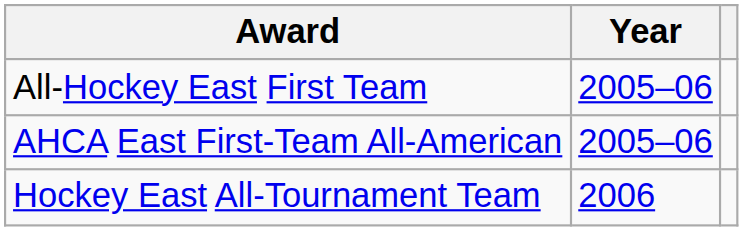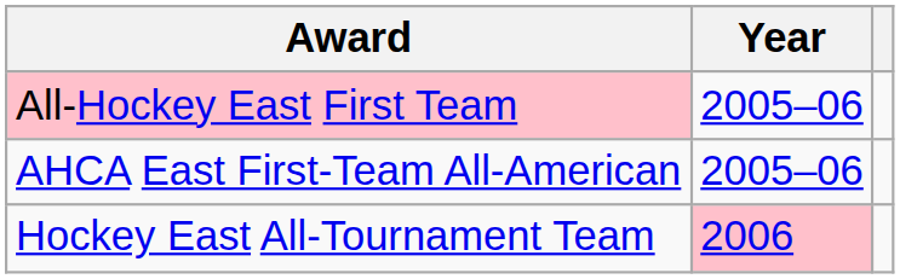 <table class="wikitable">
 <tr>
 <th>Award</th>
 <th>Year</th>
 <th></th>
 </tr>
 <tr>
-<td>All-<a href='#'>Hockey East</a> <a href='#'>First Team</a></td>
+<td style="background: pink;">All-<a href='#'>Hockey East</a> <a href='#'>First Team</a></td>
 <td><a href='#'>2005–06</a></td>
 <td></td>
 </tr>
 <tr>
 <td><a href='#'>AHCA</a> <a href='#'>East First-Team All-American</a></td>
 <td><a href='#'>2005–06</a></td>
 <td></td>
 </tr>
 <tr>
 <td><a href='#'>Hockey East</a> <a href='#'>All-Tournament Team</a></td>
-<td><a href='#'>2006</a></td>
+<td style="background: pink;"><a href='#'>2006</a></td>
 <td></td>
 </tr>
 </table>
